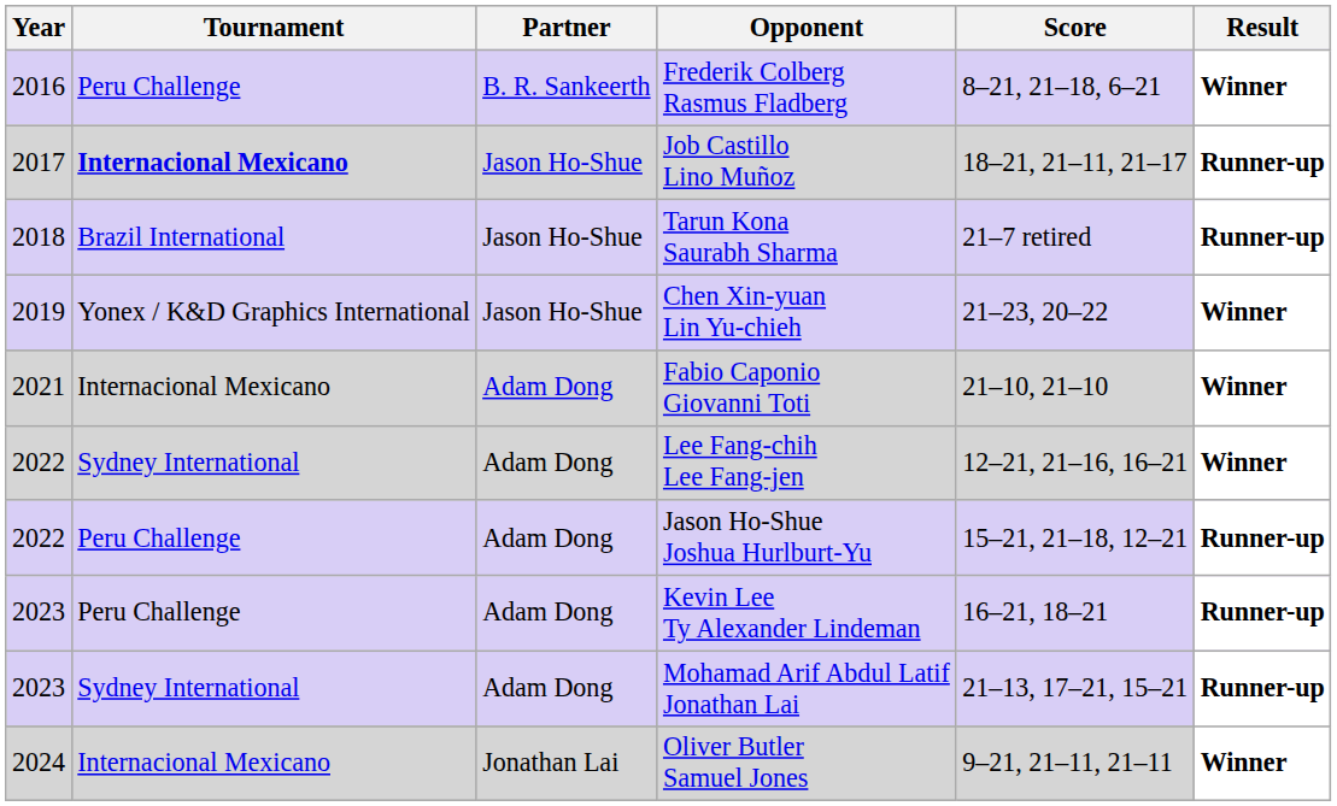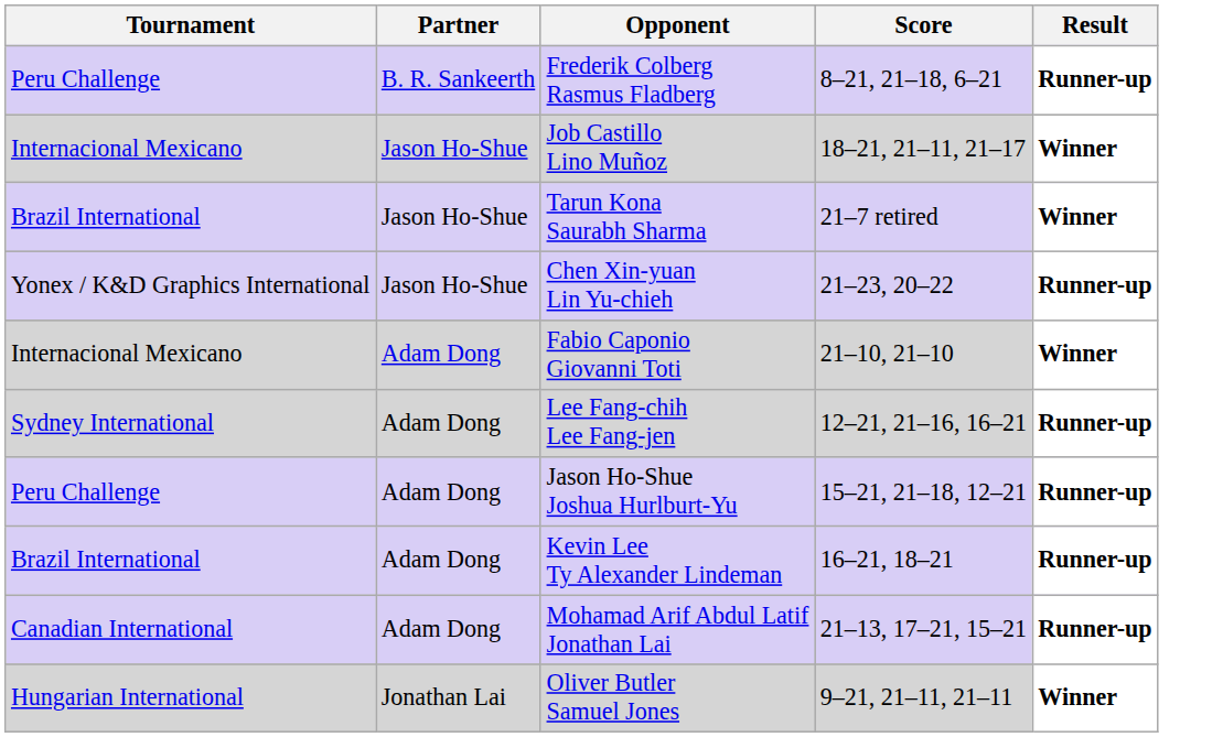 <table class="sortable wikitable" style="font-size: 90%;">
 <tr>
-<th>Year</th>
 <th>Tournament</th>
 <th>Partner</th>
 <th>Opponent</th>
 <th>Score</th>
 <th>Result</th>
 </tr>
 <tr style="background:#D8CEF6">
-<td align="center">2016</td>
 <td align="left"><a href='#'>Peru Challenge</a></td>
 <td align="left"> <a href='#'>B. R. Sankeerth</a></td>
 <td align="left"> <a href='#'>Frederik Colberg</a><br> <a href='#'>Rasmus Fladberg</a></td>
 <td align="left">8–21, 21–18, 6–21</td>
-<td style="text-align:left; background:white"> <strong>Winner</strong></td>
+<td style="text-align:left; background:white"> <strong>Runner-up</strong></td>
 </tr>
 <tr style="background:#D5D5D5">
-<td align="center">2017</td>
-<td align="left"><strong><a href='#'>Internacional Mexicano</a></strong></td>
+<td align="left"><a href='#'>Internacional Mexicano</a></td>
 <td align="left"> <a href='#'>Jason Ho-Shue</a></td>
 <td align="left"> <a href='#'>Job Castillo</a><br> <a href='#'>Lino Muñoz</a></td>
 <td align="left">18–21, 21–11, 21–17</td>
-<td style="text-align:left; background:white"> <strong>Runner-up</strong></td>
+<td style="text-align:left; background:white"> <strong>Winner</strong></td>
 </tr>
 <tr style="background:#D8CEF6">
-<td align="center">2018</td>
 <td align="left"><a href='#'>Brazil International</a></td>
 <td align="left"> Jason Ho-Shue</td>
 <td align="left"> <a href='#'>Tarun Kona</a><br> <a href='#'>Saurabh Sharma</a></td>
 <td align="left">21–7 retired</td>
-<td style="text-align:left; background:white"> <strong>Runner-up</strong></td>
+<td style="text-align:left; background:white"> <strong>Winner</strong></td>
 </tr>
 <tr style="background:#D8CEF6">
-<td align="center">2019</td>
 <td align="left">Yonex / K&D Graphics International</td>
 <td align="left"> Jason Ho-Shue</td>
 <td align="left"> <a href='#'>Chen Xin-yuan</a><br> <a href='#'>Lin Yu-chieh</a></td>
 <td align="left">21–23, 20–22</td>
-<td style="text-align:left; background:white"> <strong>Winner</strong></td>
+<td style="text-align:left; background:white"> <strong>Runner-up</strong></td>
 </tr>
 <tr style="background:#D5D5D5">
-<td align="center">2021</td>
 <td align="left">Internacional Mexicano</td>
 <td align="left"> <a href='#'>Adam Dong</a></td>
 <td align="left"> <a href='#'>Fabio Caponio</a><br> <a href='#'>Giovanni Toti</a></td>
 <td align="left">21–10, 21–10</td>
 <td style="text-align:left; background:white"> <strong>Winner</strong></td>
 </tr>
 <tr style="background:#D5D5D5">
-<td align="center">2022</td>
 <td align="left"><a href='#'>Sydney International</a></td>
 <td align="left"> Adam Dong</td>
 <td align="left"> <a href='#'>Lee Fang-chih</a><br> <a href='#'>Lee Fang-jen</a></td>
 <td align="left">12–21, 21–16, 16–21</td>
-<td style="text-align:left; background:white"> <strong>Winner</strong></td>
+<td style="text-align:left; background:white"> <strong>Runner-up</strong></td>
 </tr>
 <tr style="background:#D8CEF6">
-<td align="center">2022</td>
 <td align="left"><a href='#'>Peru Challenge</a></td>
 <td align="left"> Adam Dong</td>
 <td align="left"> Jason Ho-Shue<br> <a href='#'>Joshua Hurlburt-Yu</a></td>
 <td align="left">15–21, 21–18, 12–21</td>
 <td style="text-align:left; background:white"> <strong>Runner-up</strong></td>
 </tr>
 <tr style="background:#D8CEF6">
-<td align="center">2023</td>
-<td align="left">Peru Challenge</td>
+<td align="left"><a href='#'>Brazil International</a></td>
 <td align="left"> Adam Dong</td>
 <td align="left"> <a href='#'>Kevin Lee</a><br> <a href='#'>Ty Alexander Lindeman</a></td>
 <td align="left">16–21, 18–21</td>
 <td style="text-align:left; background:white"> <strong>Runner-up</strong></td>
 </tr>
 <tr style="background:#D8CEF6">
-<td align="center">2023</td>
-<td align="left"><a href='#'>Sydney International</a></td>
+<td align="left"><a href='#'>Canadian International</a></td>
 <td align="left"> Adam Dong</td>
 <td align="left"> <a href='#'>Mohamad Arif Abdul Latif</a><br> <a href='#'>Jonathan Lai</a></td>
 <td align="left">21–13, 17–21, 15–21</td>
 <td style="text-align:left; background:white"> <strong>Runner-up</strong></td>
 </tr>
 <tr style="background:#D5D5D5">
-<td align="center">2024</td>
-<td align="left"><a href='#'>Internacional Mexicano</a></td>
+<td align="left"><a href='#'>Hungarian International</a></td>
 <td align="left"> Jonathan Lai</td>
 <td align="left"> <a href='#'>Oliver Butler</a><br> <a href='#'>Samuel Jones</a></td>
 <td align="left">9–21, 21–11, 21–11</td>
 <td style="text-align:left; background:white"> <strong>Winner</strong></td>
 </tr>
 </table>
